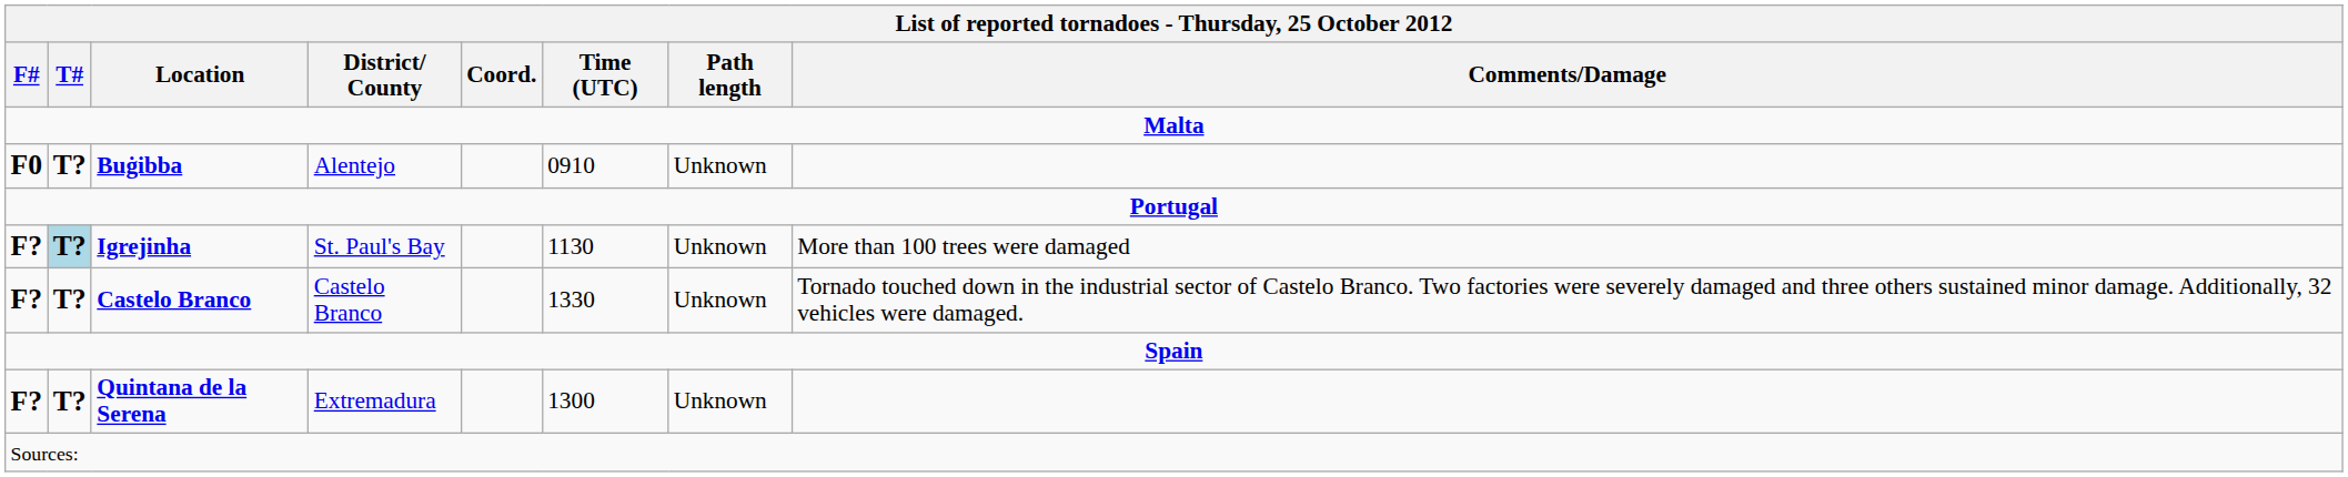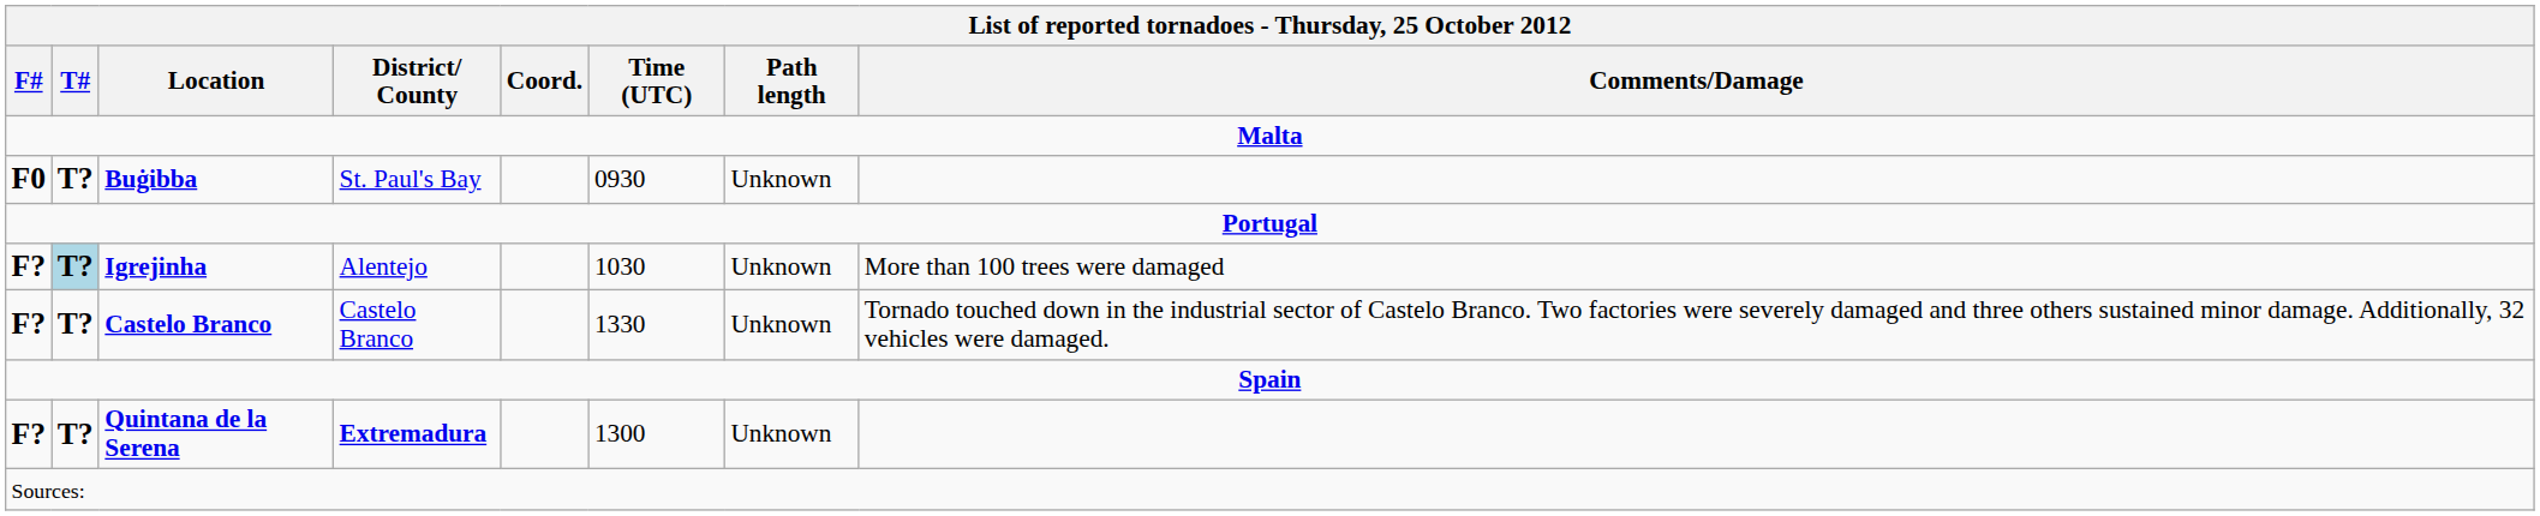 <table class="wikitable collapsible" width="100%">
 <tr>
 <th colspan="8">List of reported tornadoes - Thursday, 25 October 2012</th>
 </tr>
 <tr>
 <th><a href='#'>F#</a></th>
 <th><a href='#'>T#</a></th>
 <th>Location</th>
 <th>District/<br>County</th>
 <th>Coord.</th>
 <th>Time (UTC)</th>
 <th>Path length</th>
 <th>Comments/Damage</th>
 </tr>
 <tr>
 <td colspan="8" align=center><strong><a href='#'>Malta</a></strong></td>
 </tr>
 <tr>
 <td><big><strong>F0</strong></big></td>
 <td><big><strong>T?</strong></big></td>
 <td><strong><a href='#'>Buġibba</a></strong></td>
-<td><a href='#'>Alentejo</a></td>
+<td><a href='#'>St. Paul's Bay</a></td>
 <td></td>
-<td>0910</td>
+<td>0930</td>
 <td>Unknown</td>
 <td></td>
 </tr>
 <tr>
 <td colspan="8" align=center><strong><a href='#'>Portugal</a></strong></td>
 </tr>
 <tr>
 <td><big><strong>F?</strong></big></td>
 <td style="background: lightblue;"><big><strong>T?</strong></big></td>
 <td><strong><a href='#'>Igrejinha</a></strong></td>
-<td><a href='#'>St. Paul's Bay</a></td>
+<td><a href='#'>Alentejo</a></td>
 <td></td>
-<td>1130</td>
+<td>1030</td>
 <td>Unknown</td>
 <td>More than 100 trees were damaged</td>
 </tr>
 <tr>
 <td><big><strong>F?</strong></big></td>
 <td><big><strong>T?</strong></big></td>
 <td><strong><a href='#'>Castelo Branco</a></strong></td>
 <td><a href='#'>Castelo Branco</a></td>
 <td></td>
 <td>1330</td>
 <td>Unknown</td>
 <td>Tornado touched down in the industrial sector of Castelo Branco. Two factories were severely damaged and three others sustained minor damage. Additionally, 32 vehicles were damaged.</td>
 </tr>
 <tr>
 <td colspan="8" align=center><strong><a href='#'>Spain</a></strong></td>
 </tr>
 <tr>
 <td><big><strong>F?</strong></big></td>
 <td><big><strong>T?</strong></big></td>
 <td><strong><a href='#'>Quintana de la Serena</a></strong></td>
-<td><a href='#'>Extremadura</a></td>
+<td><strong><a href='#'>Extremadura</a></strong></td>
 <td></td>
 <td>1300</td>
 <td>Unknown</td>
 <td></td>
 </tr>
 <tr>
 <td colspan="8"><small>Sources:  </small></td>
 </tr>
 </table>
